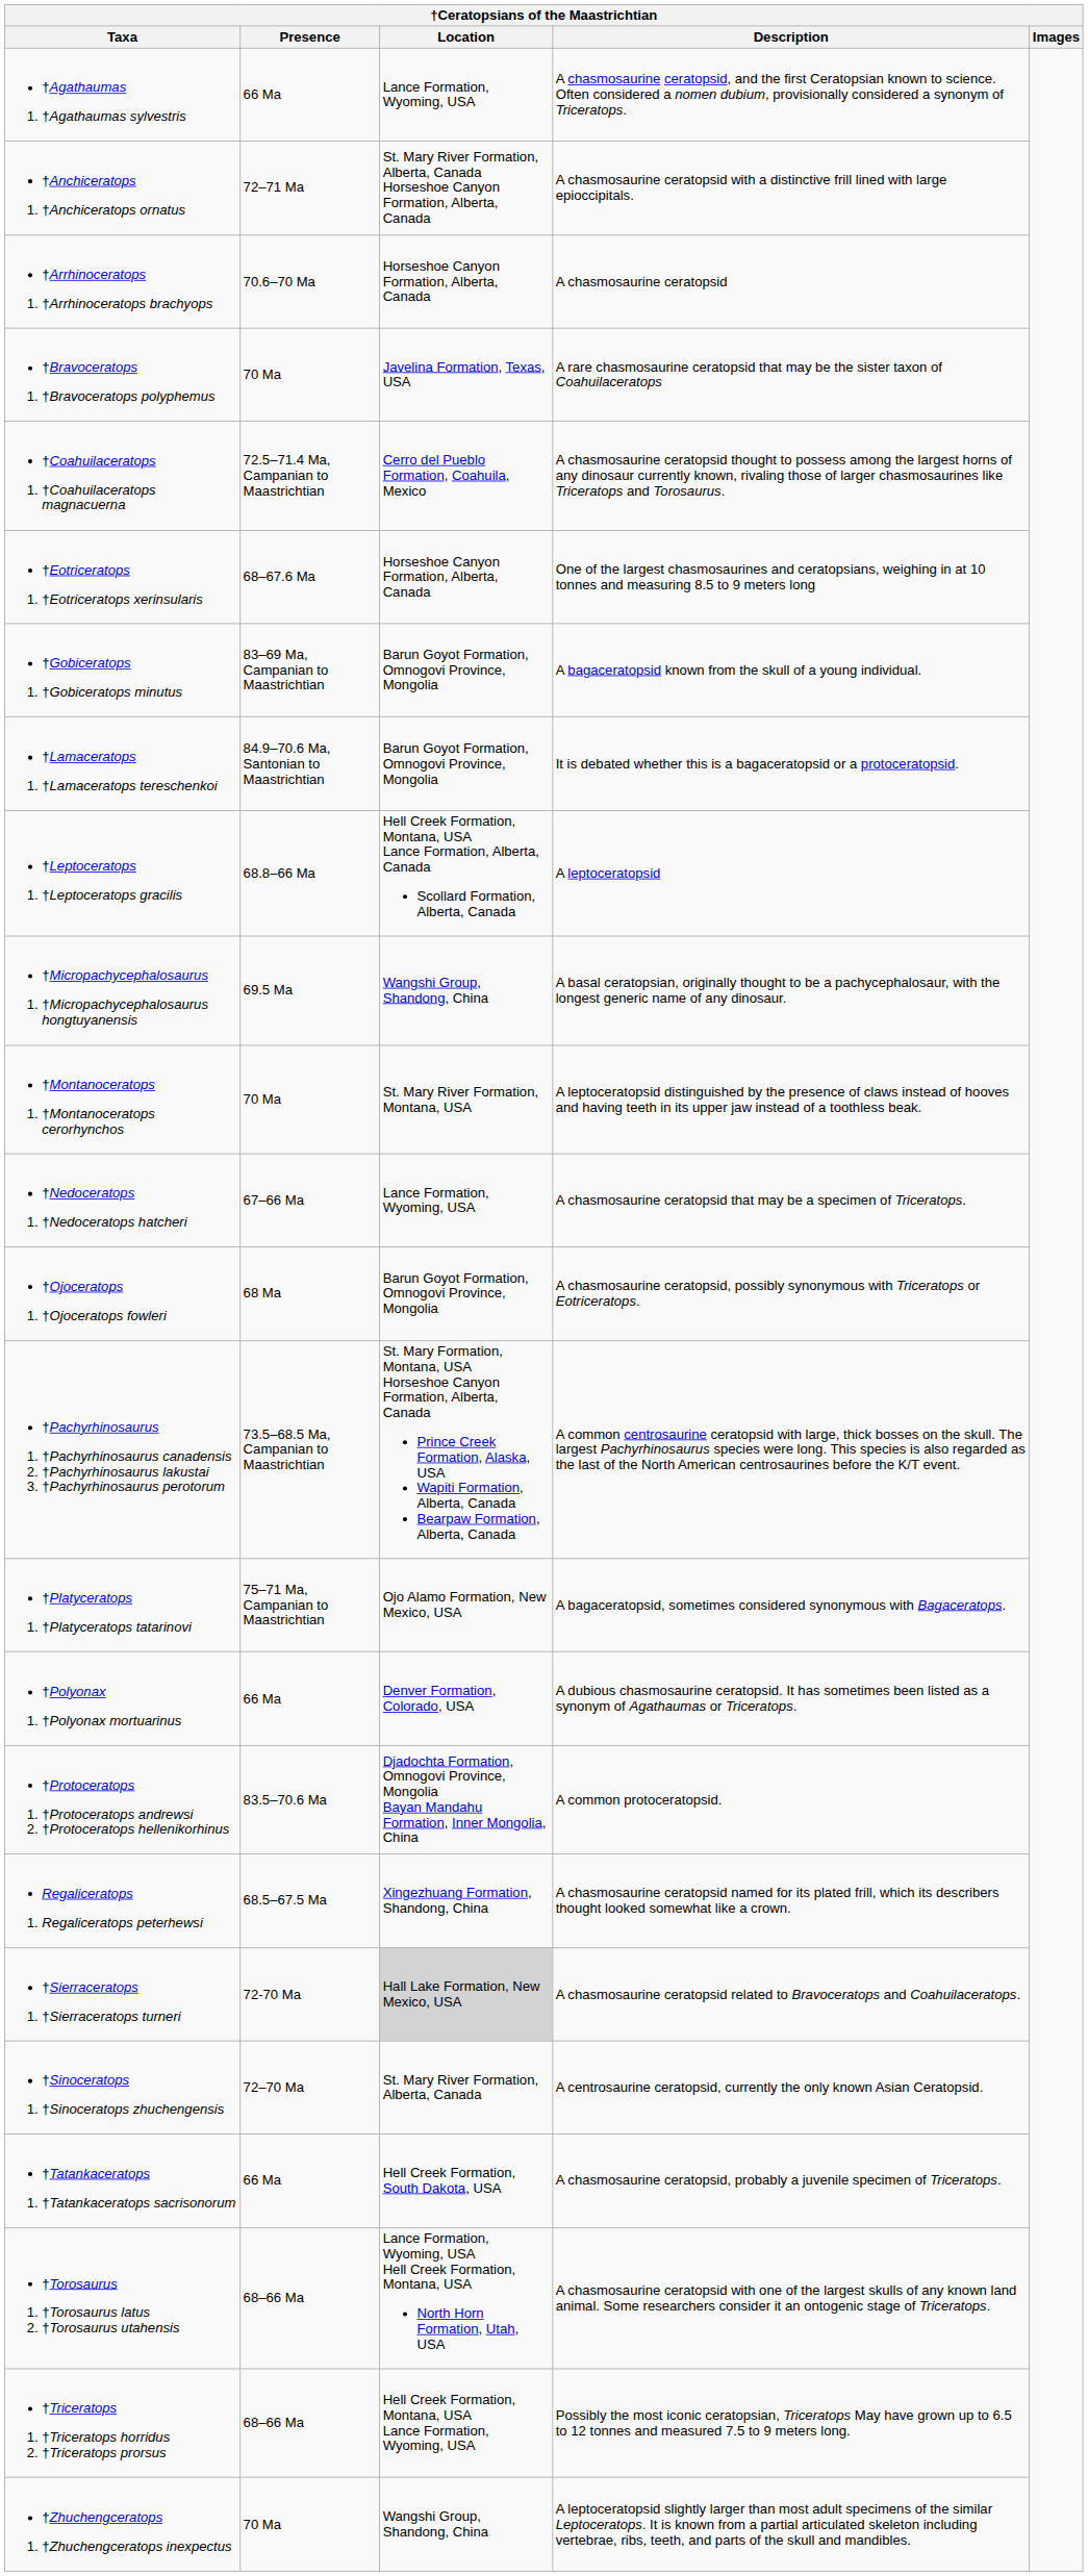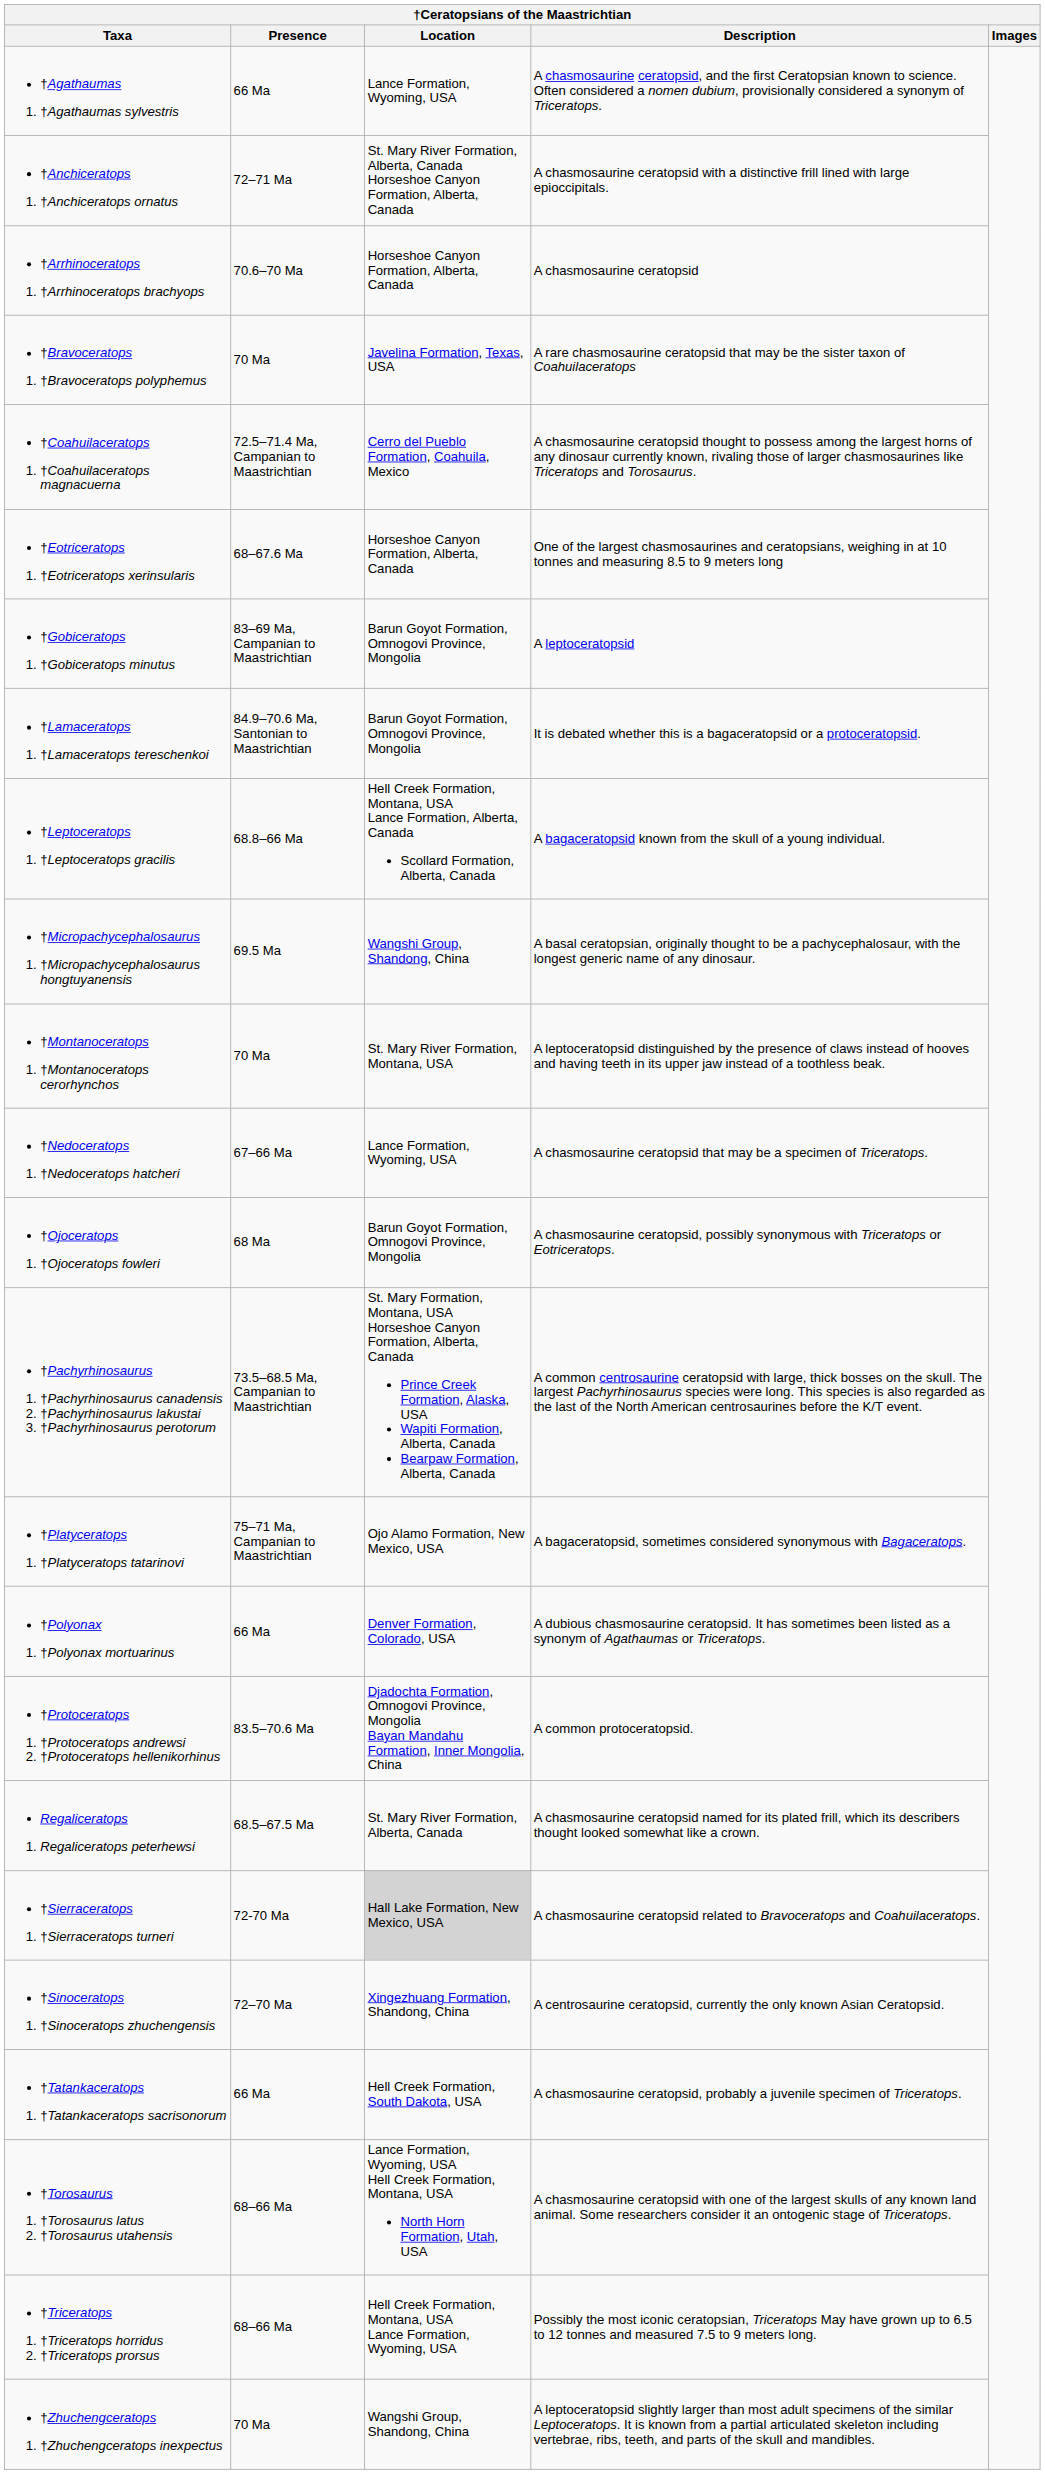 <table class="wikitable" align="center" width="100%">
 <tr>
 <th colspan="5" align="center">†Ceratopsians of the Maastrichtian</th>
 </tr>
 <tr>
 <th>Taxa</th>
 <th>Presence</th>
 <th>Location</th>
 <th>Description</th>
 <th>Images</th>
 </tr>
 <tr>
 <td><br><ul><li>†<em><a href='#'>Agathaumas</a></em></li></ul><ol><li>†<em>Agathaumas sylvestris</em></li></ol></td>
 <td>66 Ma</td>
 <td>Lance Formation, Wyoming, USA</td>
 <td>A <a href='#'>chasmosaurine</a> <a href='#'>ceratopsid</a>, and the first Ceratopsian known to science. Often considered a <em>nomen dubium</em>, provisionally considered a synonym of <em>Triceratops</em>.</td>
 <td rowspan="99"><br>              </td>
 </tr>
 <tr>
 <td><br><ul><li>†<em><a href='#'>Anchiceratops</a></em></li></ul><ol><li>†<em>Anchiceratops ornatus</em></li></ol></td>
 <td>72–71 Ma</td>
 <td>St. Mary River Formation, Alberta, Canada<br>Horseshoe Canyon Formation, Alberta, Canada</td>
 <td>A chasmosaurine ceratopsid with a distinctive frill lined with large epioccipitals.</td>
 </tr>
 <tr>
 <td><br><ul><li>†<em><a href='#'>Arrhinoceratops</a></em></li></ul><ol><li>†<em>Arrhinoceratops brachyops</em></li></ol></td>
 <td>70.6–70 Ma</td>
 <td>Horseshoe Canyon Formation, Alberta, Canada</td>
 <td>A chasmosaurine ceratopsid</td>
 </tr>
 <tr>
 <td><br><ul><li>†<em><a href='#'>Bravoceratops</a></em></li></ul><ol><li>†<em>Bravoceratops polyphemus</em></li></ol></td>
 <td>70 Ma</td>
 <td><a href='#'>Javelina Formation</a>, <a href='#'>Texas</a>, USA</td>
 <td>A rare chasmosaurine ceratopsid that may be the sister taxon of <em>Coahuilaceratops</em></td>
 </tr>
 <tr>
 <td><br><ul><li>†<em><a href='#'>Coahuilaceratops</a></em></li></ul><ol><li>†<em>Coahuilaceratops magnacuerna</em></li></ol></td>
 <td>72.5–71.4 Ma, Campanian to Maastrichtian</td>
 <td><a href='#'>Cerro del Pueblo Formation</a>, <a href='#'>Coahuila</a>, Mexico</td>
 <td>A chasmosaurine ceratopsid thought to possess among the largest horns of any dinosaur currently known, rivaling those of larger chasmosaurines like <em>Triceratops</em> and <em>Torosaurus</em>.</td>
 </tr>
 <tr>
 <td><br><ul><li>†<em><a href='#'>Eotriceratops</a></em></li></ul><ol><li>†<em>Eotriceratops xerinsularis</em></li></ol></td>
 <td>68–67.6 Ma</td>
 <td>Horseshoe Canyon Formation, Alberta, Canada</td>
 <td>One of the largest chasmosaurines and ceratopsians, weighing in at 10 tonnes and measuring 8.5 to 9 meters long</td>
 </tr>
 <tr>
 <td><br><ul><li>†<em><a href='#'>Gobiceratops</a></em></li></ul><ol><li>†<em>Gobiceratops minutus</em></li></ol></td>
 <td>83–69 Ma, Campanian to Maastrichtian</td>
 <td>Barun Goyot Formation, Omnogovi Province, Mongolia</td>
-<td>A <a href='#'>bagaceratopsid</a> known from the skull of a young individual.</td>
+<td>A <a href='#'>leptoceratopsid</a></td>
 </tr>
 <tr>
 <td><br><ul><li>†<em><a href='#'>Lamaceratops</a></em></li></ul><ol><li>†<em>Lamaceratops tereschenkoi</em></li></ol></td>
 <td>84.9–70.6 Ma, Santonian to Maastrichtian</td>
 <td>Barun Goyot Formation, Omnogovi Province, Mongolia</td>
 <td>It is debated whether this is a bagaceratopsid or a <a href='#'>protoceratopsid</a>.</td>
 </tr>
 <tr>
 <td><br><ul><li>†<em><a href='#'>Leptoceratops</a></em></li></ul><ol><li>†<em>Leptoceratops gracilis</em></li></ol></td>
 <td>68.8–66 Ma</td>
 <td>Hell Creek Formation, Montana, USA<br>Lance Formation, Alberta, Canada<ul><li>Scollard Formation, Alberta, Canada</li></ul></td>
-<td>A <a href='#'>leptoceratopsid</a></td>
+<td>A <a href='#'>bagaceratopsid</a> known from the skull of a young individual.</td>
 </tr>
 <tr>
 <td><br><ul><li>†<em><a href='#'>Micropachycephalosaurus</a></em></li></ul><ol><li>†<em>Micropachycephalosaurus hongtuyanensis</em></li></ol></td>
 <td>69.5 Ma</td>
 <td><a href='#'>Wangshi Group</a>, <a href='#'>Shandong</a>, China</td>
 <td>A basal ceratopsian, originally thought to be a pachycephalosaur, with the longest generic name of any dinosaur.</td>
 </tr>
 <tr>
 <td><br><ul><li>†<em><a href='#'>Montanoceratops</a></em></li></ul><ol><li>†<em>Montanoceratops cerorhynchos</em></li></ol></td>
 <td>70 Ma</td>
 <td>St. Mary River Formation, Montana, USA</td>
 <td>A leptoceratopsid distinguished by the presence of claws instead of hooves and having teeth in its upper jaw instead of a toothless beak.</td>
 </tr>
 <tr>
 <td><br><ul><li>†<em><a href='#'>Nedoceratops</a></em></li></ul><ol><li>†<em>Nedoceratops hatcheri</em></li></ol></td>
 <td>67–66 Ma</td>
 <td>Lance Formation, Wyoming, USA</td>
 <td>A chasmosaurine ceratopsid that may be a specimen of <em>Triceratops</em>.</td>
 </tr>
 <tr>
 <td><br><ul><li>†<em><a href='#'>Ojoceratops</a></em></li></ul><ol><li>†<em>Ojoceratops fowleri</em></li></ol></td>
 <td>68 Ma</td>
 <td>Barun Goyot Formation, Omnogovi Province, Mongolia</td>
 <td>A chasmosaurine ceratopsid, possibly synonymous with <em>Triceratops</em> or <em>Eotriceratops</em>.</td>
 </tr>
 <tr>
 <td><br><ul><li>†<em><a href='#'>Pachyrhinosaurus</a></em></li></ul><ol><li>†<em>Pachyrhinosaurus canadensis</em></li><li>†<em>Pachyrhinosaurus lakustai</em></li><li>†<em>Pachyrhinosaurus perotorum</em></li></ol></td>
 <td>73.5–68.5 Ma, Campanian to Maastrichtian</td>
 <td>St. Mary Formation, Montana, USA<br>Horseshoe Canyon Formation, Alberta, Canada<ul><li><a href='#'>Prince Creek Formation</a>, <a href='#'>Alaska</a>, USA</li><li><a href='#'>Wapiti Formation</a>, Alberta, Canada</li><li><a href='#'>Bearpaw Formation</a>, Alberta, Canada</li></ul></td>
 <td>A common <a href='#'>centrosaurine</a> ceratopsid with large, thick bosses on the skull. The largest <em>Pachyrhinosaurus</em> species were  long. This species is also regarded as the last of the North American centrosaurines before the K/T event.</td>
 </tr>
 <tr>
 <td><br><ul><li>†<em><a href='#'>Platyceratops</a></em></li></ul><ol><li>†<em>Platyceratops tatarinovi</em></li></ol></td>
 <td>75–71 Ma, Campanian to Maastrichtian</td>
 <td>Ojo Alamo Formation, New Mexico, USA</td>
 <td>A bagaceratopsid, sometimes considered synonymous with <em><a href='#'>Bagaceratops</a></em>.</td>
 </tr>
 <tr>
 <td><br><ul><li>†<em><a href='#'>Polyonax</a></em></li></ul><ol><li>†<em>Polyonax mortuarinus</em></li></ol></td>
 <td>66 Ma</td>
 <td><a href='#'>Denver Formation</a>, <a href='#'>Colorado</a>, USA</td>
 <td>A dubious chasmosaurine ceratopsid. It has sometimes been listed as a synonym of <em>Agathaumas</em> or <em>Triceratops</em>.</td>
 </tr>
 <tr>
 <td><br><ul><li>†<em><a href='#'>Protoceratops</a></em></li></ul><ol><li>†<em>Protoceratops andrewsi</em></li><li>†<em>Protoceratops hellenikorhinus</em></li></ol></td>
 <td>83.5–70.6 Ma</td>
 <td><a href='#'>Djadochta Formation</a>, Omnogovi Province, Mongolia<br><a href='#'>Bayan Mandahu Formation</a>, <a href='#'>Inner Mongolia</a>, China</td>
 <td>A common protoceratopsid.</td>
 </tr>
 <tr>
 <td><br><ul><li><em><a href='#'>Regaliceratops</a></em></li></ul><ol><li><em>Regaliceratops peterhewsi</em></li></ol></td>
 <td>68.5–67.5 Ma</td>
-<td><a href='#'>Xingezhuang Formation</a>, Shandong, China</td>
+<td>St. Mary River Formation, Alberta, Canada</td>
 <td>A chasmosaurine ceratopsid named for its plated frill, which its describers thought looked somewhat like a crown.</td>
 </tr>
 <tr>
 <td><br><ul><li>†<em><a href='#'>Sierraceratops</a></em></li></ul><ol><li>†<em>Sierraceratops turneri</em></li></ol></td>
 <td>72-70 Ma</td>
 <td style="background: lightgrey;">Hall Lake Formation, New Mexico, USA</td>
 <td>A chasmosaurine ceratopsid related to <em>Bravoceratops</em> and <em>Coahuilaceratops</em>.</td>
 </tr>
 <tr>
 <td><br><ul><li>†<em><a href='#'>Sinoceratops</a></em></li></ul><ol><li>†<em>Sinoceratops zhuchengensis</em></li></ol></td>
 <td>72–70 Ma</td>
-<td>St. Mary River Formation, Alberta, Canada</td>
+<td><a href='#'>Xingezhuang Formation</a>, Shandong, China</td>
 <td>A centrosaurine ceratopsid, currently the only known Asian Ceratopsid.</td>
 </tr>
 <tr>
 <td><br><ul><li>†<em><a href='#'>Tatankaceratops</a></em></li></ul><ol><li>†<em>Tatankaceratops sacrisonorum</em></li></ol></td>
 <td>66 Ma</td>
 <td>Hell Creek Formation, <a href='#'>South Dakota</a>, USA</td>
 <td>A chasmosaurine ceratopsid, probably a juvenile specimen of <em>Triceratops</em>.</td>
 </tr>
 <tr>
 <td><br><ul><li>†<em><a href='#'>Torosaurus</a></em></li></ul><ol><li>†<em>Torosaurus latus</em></li><li>†<em>Torosaurus utahensis</em></li></ol></td>
 <td>68–66 Ma</td>
 <td>Lance Formation, Wyoming, USA<br>Hell Creek Formation, Montana, USA<ul><li><a href='#'>North Horn Formation</a>, <a href='#'>Utah</a>, USA</li></ul></td>
 <td>A chasmosaurine ceratopsid with one of the largest skulls of any known land animal. Some researchers consider it an ontogenic stage of <em>Triceratops</em>.</td>
 </tr>
 <tr>
 <td><br><ul><li>†<em><a href='#'>Triceratops</a></em></li></ul><ol><li>†<em>Triceratops horridus</em></li><li>†<em>Triceratops prorsus</em></li></ol></td>
 <td>68–66 Ma</td>
 <td>Hell Creek Formation, Montana, USA<br>Lance Formation, Wyoming, USA</td>
 <td>Possibly the most iconic ceratopsian, <em>Triceratops</em> May have grown up to 6.5 to 12 tonnes and measured 7.5 to 9 meters long.</td>
 </tr>
 <tr>
 <td><br><ul><li>†<em><a href='#'>Zhuchengceratops</a></em></li></ul><ol><li>†<em>Zhuchengceratops inexpectus</em></li></ol></td>
 <td>70 Ma</td>
 <td>Wangshi Group, Shandong, China</td>
 <td>A leptoceratopsid slightly larger than most adult specimens of the similar <em>Leptoceratops</em>. It is known from a partial articulated skeleton including vertebrae, ribs, teeth, and parts of the skull and mandibles.</td>
 </tr>
 </table>
